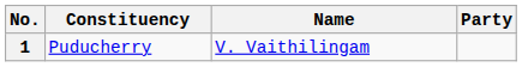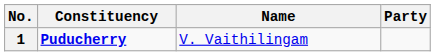 <table class="sortable wikitable">
 <tr>
 <th>No.</th>
 <th style="width:120px">Constituency</th>
 <th style="width:180px">Name</th>
 <th colspan="2">Party</th>
 </tr>
 <tr>
 <th>1</th>
-<td><a href='#'>Puducherry</a></td>
+<td><strong><a href='#'>Puducherry</a></strong></td>
 <td><a href='#'>V. Vaithilingam</a></td>
 <td></td>
 </tr>
 </table>
